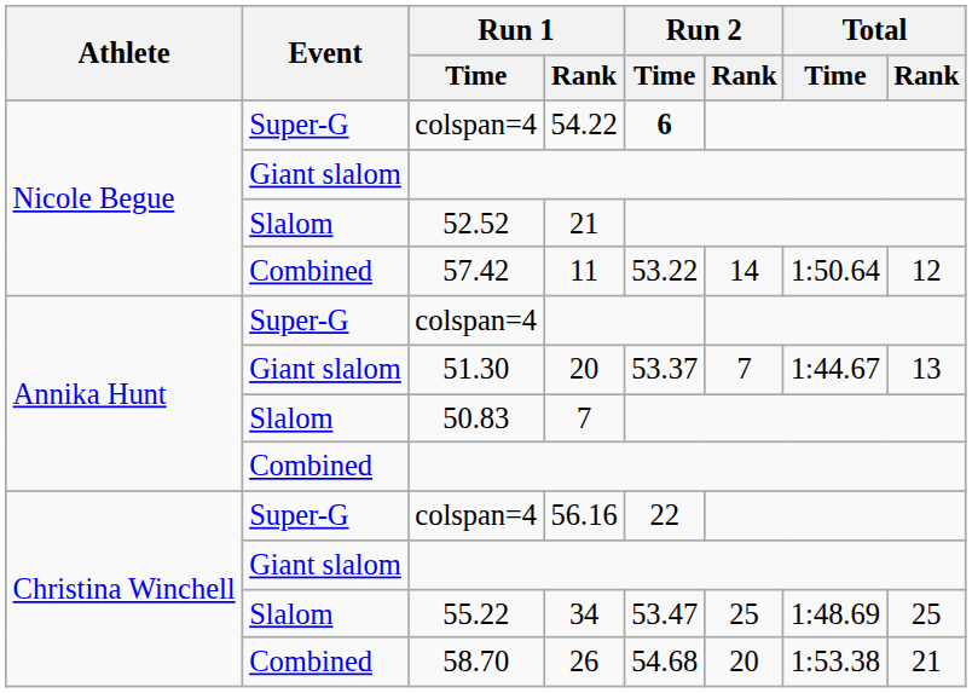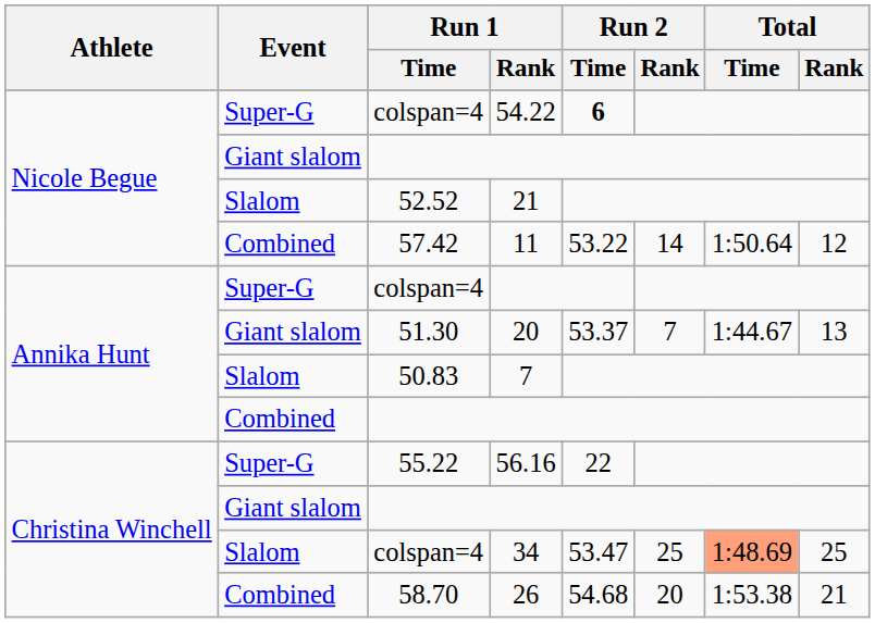 <table class="wikitable" style="font-size:90%">
 <tr>
 <th rowspan=2>Athlete</th>
 <th rowspan=2>Event</th>
 <th colspan=2>Run 1</th>
 <th colspan=2>Run 2</th>
 <th colspan=2>Total</th>
 </tr>
 <tr style="font-size:95%">
 <th>Time</th>
 <th>Rank</th>
 <th>Time</th>
 <th>Rank</th>
 <th>Time</th>
 <th>Rank</th>
 </tr>
 <tr align=center>
 <td align="left" rowspan="4"><a href='#'>Nicole Begue</a></td>
 <td align="left"><a href='#'>Super-G</a></td>
 <td>colspan=4</td>
 <td>54.22</td>
 <td><strong>6</strong></td>
 </tr>
 <tr align=center>
 <td align="left"><a href='#'>Giant slalom</a></td>
 <td colspan=6></td>
 </tr>
 <tr align=center>
 <td align="left"><a href='#'>Slalom</a></td>
 <td>52.52</td>
 <td>21</td>
 <td colspan=4></td>
 </tr>
 <tr align=center>
 <td align="left"><a href='#'>Combined</a></td>
 <td>57.42</td>
 <td>11</td>
 <td>53.22</td>
 <td>14</td>
 <td>1:50.64</td>
 <td>12</td>
 </tr>
 <tr align=center>
 <td align="left" rowspan="4"><a href='#'>Annika Hunt</a></td>
 <td align="left"><a href='#'>Super-G</a></td>
 <td>colspan=4</td>
 <td colspan=2></td>
 </tr>
 <tr align=center>
 <td align="left"><a href='#'>Giant slalom</a></td>
 <td>51.30</td>
 <td>20</td>
 <td>53.37</td>
 <td>7</td>
 <td>1:44.67</td>
 <td>13</td>
 </tr>
 <tr align=center>
 <td align="left"><a href='#'>Slalom</a></td>
 <td>50.83</td>
 <td>7</td>
 <td colspan=4></td>
 </tr>
 <tr align=center>
 <td align="left"><a href='#'>Combined</a></td>
 <td colspan=6></td>
 </tr>
 <tr align=center>
 <td align="left" rowspan="4"><a href='#'>Christina Winchell</a></td>
 <td align="left"><a href='#'>Super-G</a></td>
-<td>colspan=4</td>
+<td>55.22</td>
 <td>56.16</td>
 <td>22</td>
 </tr>
 <tr align=center>
 <td align="left"><a href='#'>Giant slalom</a></td>
 <td colspan=6></td>
 </tr>
 <tr align=center>
 <td align="left"><a href='#'>Slalom</a></td>
-<td>55.22</td>
+<td>colspan=4</td>
 <td>34</td>
 <td>53.47</td>
 <td>25</td>
-<td>1:48.69</td>
+<td style="background: lightsalmon;">1:48.69</td>
 <td>25</td>
 </tr>
 <tr align=center>
 <td align="left"><a href='#'>Combined</a></td>
 <td>58.70</td>
 <td>26</td>
 <td>54.68</td>
 <td>20</td>
 <td>1:53.38</td>
 <td>21</td>
 </tr>
 </table>
